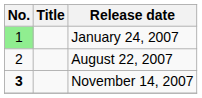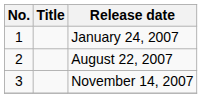 <table class="wikitable">
 <tr>
 <th>No.</th>
 <th>Title</th>
 <th>Release date</th>
 </tr>
 <tr>
-<td align="center" style="background: lightgreen;">1</td>
+<td align="center">1</td>
 <td></td>
 <td>January 24, 2007</td>
 </tr>
 <tr>
 <td align="center">2</td>
 <td></td>
 <td>August 22, 2007</td>
 </tr>
 <tr>
-<td align="center"><strong>3</strong></td>
+<td align="center">3</td>
 <td></td>
 <td>November 14, 2007</td>
 </tr>
 <tr>
 </tr>
 </table>
